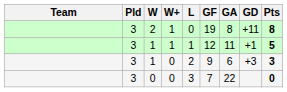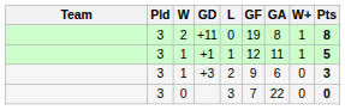 <table class="wikitable" style="text-align: center;">
 <tr>
 <th width="175">Team</th>
 <th width="20">Pld</th>
 <th width="20">W</th>
-<th width="20">W+</th>
+<th width="20">GD</th>
 <th width="20">L</th>
 <th width="20">GF</th>
 <th width="20">GA</th>
-<th width="20">GD</th>
+<th width="20">W+</th>
 <th width="20">Pts</th>
 </tr>
 <tr align=center style="background:#ccffcc;">
 <td style="text-align:left;"></td>
 <td>3</td>
 <td>2</td>
-<td>1</td>
+<td>+11</td>
 <td>0</td>
 <td>19</td>
 <td>8</td>
-<td>+11</td>
+<td>1</td>
 <td><strong>8</strong></td>
 </tr>
 <tr align=center style="background:#ccffcc;">
 <td style="text-align:left;"></td>
 <td>3</td>
 <td>1</td>
-<td>1</td>
+<td>+1</td>
 <td>1</td>
 <td>12</td>
 <td>11</td>
-<td>+1</td>
+<td>1</td>
 <td><strong>5</strong></td>
 </tr>
 <tr align=center style="background:#f5f5f5;">
 <td style="text-align:left;"></td>
 <td>3</td>
 <td>1</td>
-<td>0</td>
+<td>+3</td>
 <td>2</td>
 <td>9</td>
 <td>6</td>
-<td>+3</td>
+<td>0</td>
 <td><strong>3</strong></td>
 </tr>
 <tr align=center style="background:#f5f5f5;">
 <td style="text-align:left;"></td>
 <td>3</td>
 <td>0</td>
-<td>0</td>
+<td></td>
 <td>3</td>
 <td>7</td>
 <td>22</td>
-<td></td>
+<td>0</td>
 <td><strong>0</strong></td>
 </tr>
 </table>
